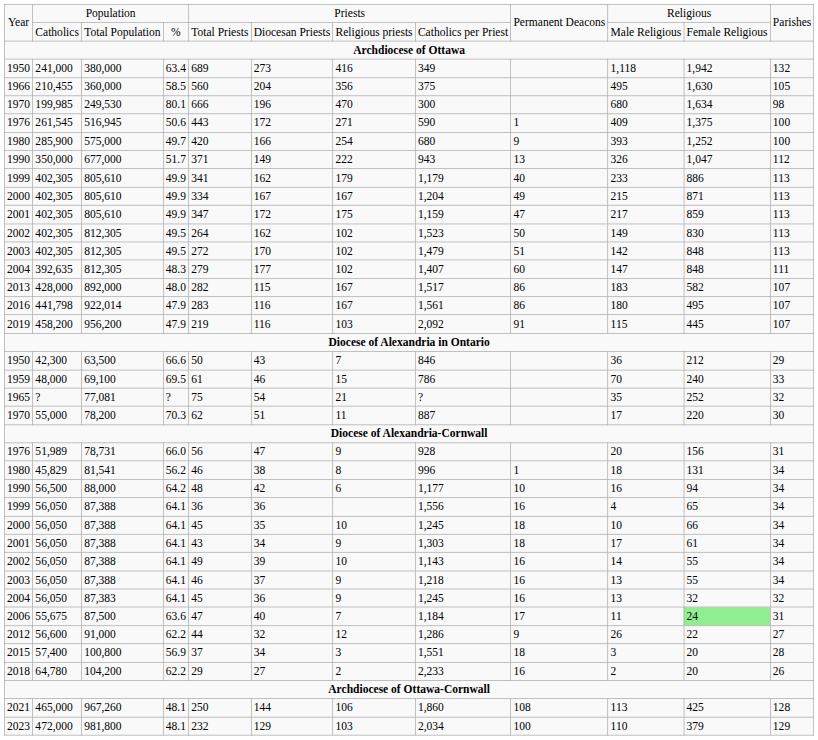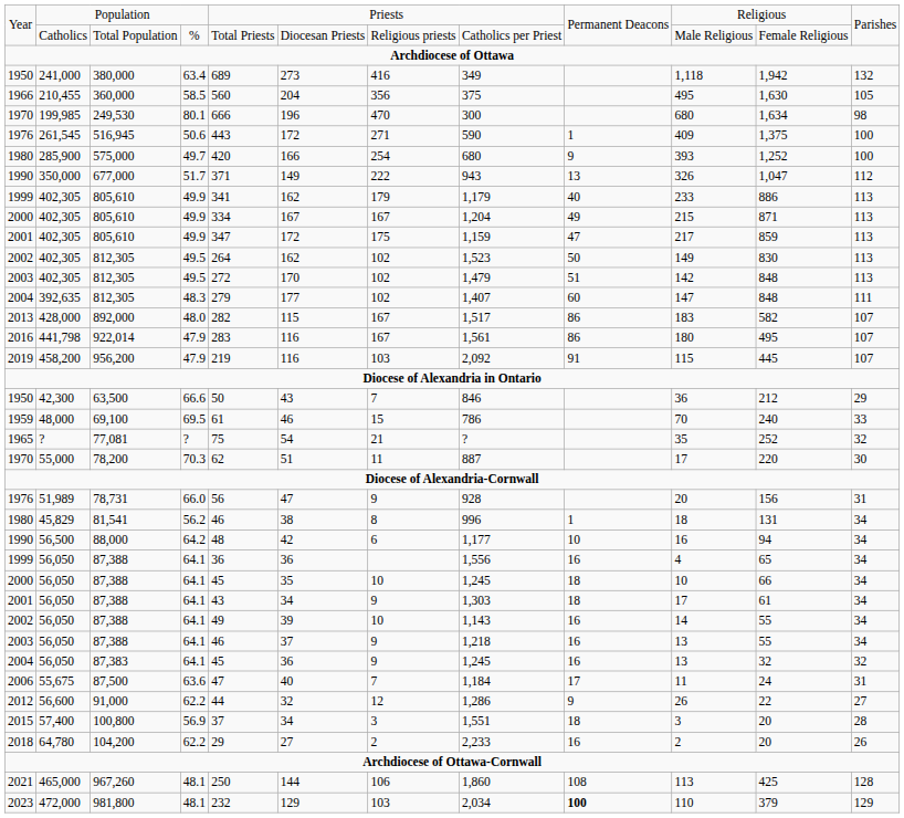 <table class="wikitable">
 <tr>
 <td rowspan=2 align="center">Year</td>
 <td colspan=3 align="center">Population</td>
 <td colspan=4 align="center">Priests</td>
 <td rowspan=2 align="center">Permanent Deacons</td>
 <td colspan=2 align="center">Religious</td>
 <td rowspan=2 align="center">Parishes</td>
 </tr>
 <tr>
 <td align="center">Catholics</td>
 <td align="center">Total Population</td>
 <td align="center">%</td>
 <td align="center">Total Priests</td>
 <td align="center">Diocesan Priests</td>
 <td align="center">Religious priests</td>
 <td align="center">Catholics per Priest</td>
 <td align="center">Male Religious</td>
 <td align="center">Female Religious</td>
 </tr>
 <tr>
 <td colspan=12 align="center"><strong>Archdiocese of Ottawa</strong></td>
 </tr>
 <tr>
 <td>1950</td>
 <td>241,000</td>
 <td>380,000</td>
 <td>63.4</td>
 <td>689</td>
 <td>273</td>
 <td>416</td>
 <td>349</td>
 <td></td>
 <td>1,118</td>
 <td>1,942</td>
 <td>132</td>
 </tr>
 <tr>
 <td>1966</td>
 <td>210,455</td>
 <td>360,000</td>
 <td>58.5</td>
 <td>560</td>
 <td>204</td>
 <td>356</td>
 <td>375</td>
 <td></td>
 <td>495</td>
 <td>1,630</td>
 <td>105</td>
 </tr>
 <tr>
 <td>1970</td>
 <td>199,985</td>
 <td>249,530</td>
 <td>80.1</td>
 <td>666</td>
 <td>196</td>
 <td>470</td>
 <td>300</td>
 <td></td>
 <td>680</td>
 <td>1,634</td>
 <td>98</td>
 </tr>
 <tr>
 <td>1976</td>
 <td>261,545</td>
 <td>516,945</td>
 <td>50.6</td>
 <td>443</td>
 <td>172</td>
 <td>271</td>
 <td>590</td>
 <td>1</td>
 <td>409</td>
 <td>1,375</td>
 <td>100</td>
 </tr>
 <tr>
 <td>1980</td>
 <td>285,900</td>
 <td>575,000</td>
 <td>49.7</td>
 <td>420</td>
 <td>166</td>
 <td>254</td>
 <td>680</td>
 <td>9</td>
 <td>393</td>
 <td>1,252</td>
 <td>100</td>
 </tr>
 <tr>
 <td>1990</td>
 <td>350,000</td>
 <td>677,000</td>
 <td>51.7</td>
 <td>371</td>
 <td>149</td>
 <td>222</td>
 <td>943</td>
 <td>13</td>
 <td>326</td>
 <td>1,047</td>
 <td>112</td>
 </tr>
 <tr>
 <td>1999</td>
 <td>402,305</td>
 <td>805,610</td>
 <td>49.9</td>
 <td>341</td>
 <td>162</td>
 <td>179</td>
 <td>1,179</td>
 <td>40</td>
 <td>233</td>
 <td>886</td>
 <td>113</td>
 </tr>
 <tr>
 <td>2000</td>
 <td>402,305</td>
 <td>805,610</td>
 <td>49.9</td>
 <td>334</td>
 <td>167</td>
 <td>167</td>
 <td>1,204</td>
 <td>49</td>
 <td>215</td>
 <td>871</td>
 <td>113</td>
 </tr>
 <tr>
 <td>2001</td>
 <td>402,305</td>
 <td>805,610</td>
 <td>49.9</td>
 <td>347</td>
 <td>172</td>
 <td>175</td>
 <td>1,159</td>
 <td>47</td>
 <td>217</td>
 <td>859</td>
 <td>113</td>
 </tr>
 <tr>
 <td>2002</td>
 <td>402,305</td>
 <td>812,305</td>
 <td>49.5</td>
 <td>264</td>
 <td>162</td>
 <td>102</td>
 <td>1,523</td>
 <td>50</td>
 <td>149</td>
 <td>830</td>
 <td>113</td>
 </tr>
 <tr>
 <td>2003</td>
 <td>402,305</td>
 <td>812,305</td>
 <td>49.5</td>
 <td>272</td>
 <td>170</td>
 <td>102</td>
 <td>1,479</td>
 <td>51</td>
 <td>142</td>
 <td>848</td>
 <td>113</td>
 </tr>
 <tr>
 <td>2004</td>
 <td>392,635</td>
 <td>812,305</td>
 <td>48.3</td>
 <td>279</td>
 <td>177</td>
 <td>102</td>
 <td>1,407</td>
 <td>60</td>
 <td>147</td>
 <td>848</td>
 <td>111</td>
 </tr>
 <tr>
 <td>2013</td>
 <td>428,000</td>
 <td>892,000</td>
 <td>48.0</td>
 <td>282</td>
 <td>115</td>
 <td>167</td>
 <td>1,517</td>
 <td>86</td>
 <td>183</td>
 <td>582</td>
 <td>107</td>
 </tr>
 <tr>
 <td>2016</td>
 <td>441,798</td>
 <td>922,014</td>
 <td>47.9</td>
 <td>283</td>
 <td>116</td>
 <td>167</td>
 <td>1,561</td>
 <td>86</td>
 <td>180</td>
 <td>495</td>
 <td>107</td>
 </tr>
 <tr>
 <td>2019</td>
 <td>458,200</td>
 <td>956,200</td>
 <td>47.9</td>
 <td>219</td>
 <td>116</td>
 <td>103</td>
 <td>2,092</td>
 <td>91</td>
 <td>115</td>
 <td>445</td>
 <td>107</td>
 </tr>
 <tr>
 <td colspan=12 align="center"><strong>Diocese of Alexandria in Ontario</strong></td>
 </tr>
 <tr>
 <td>1950</td>
 <td>42,300</td>
 <td>63,500</td>
 <td>66.6</td>
 <td>50</td>
 <td>43</td>
 <td>7</td>
 <td>846</td>
 <td></td>
 <td>36</td>
 <td>212</td>
 <td>29</td>
 </tr>
 <tr>
 <td>1959</td>
 <td>48,000</td>
 <td>69,100</td>
 <td>69.5</td>
 <td>61</td>
 <td>46</td>
 <td>15</td>
 <td>786</td>
 <td></td>
 <td>70</td>
 <td>240</td>
 <td>33</td>
 </tr>
 <tr>
 <td>1965</td>
 <td>?</td>
 <td>77,081</td>
 <td>?</td>
 <td>75</td>
 <td>54</td>
 <td>21</td>
 <td>?</td>
 <td></td>
 <td>35</td>
 <td>252</td>
 <td>32</td>
 </tr>
 <tr>
 <td>1970</td>
 <td>55,000</td>
 <td>78,200</td>
 <td>70.3</td>
 <td>62</td>
 <td>51</td>
 <td>11</td>
 <td>887</td>
 <td></td>
 <td>17</td>
 <td>220</td>
 <td>30</td>
 </tr>
 <tr>
 <td colspan=12 align="center"><strong>Diocese of Alexandria-Cornwall</strong></td>
 </tr>
 <tr>
 <td>1976</td>
 <td>51,989</td>
 <td>78,731</td>
 <td>66.0</td>
 <td>56</td>
 <td>47</td>
 <td>9</td>
 <td>928</td>
 <td></td>
 <td>20</td>
 <td>156</td>
 <td>31</td>
 </tr>
 <tr>
 <td>1980</td>
 <td>45,829</td>
 <td>81,541</td>
 <td>56.2</td>
 <td>46</td>
 <td>38</td>
 <td>8</td>
 <td>996</td>
 <td>1</td>
 <td>18</td>
 <td>131</td>
 <td>34</td>
 </tr>
 <tr>
 <td>1990</td>
 <td>56,500</td>
 <td>88,000</td>
 <td>64.2</td>
 <td>48</td>
 <td>42</td>
 <td>6</td>
 <td>1,177</td>
 <td>10</td>
 <td>16</td>
 <td>94</td>
 <td>34</td>
 </tr>
 <tr>
 <td>1999</td>
 <td>56,050</td>
 <td>87,388</td>
 <td>64.1</td>
 <td>36</td>
 <td>36</td>
 <td></td>
 <td>1,556</td>
 <td>16</td>
 <td>4</td>
 <td>65</td>
 <td>34</td>
 </tr>
 <tr>
 <td>2000</td>
 <td>56,050</td>
 <td>87,388</td>
 <td>64.1</td>
 <td>45</td>
 <td>35</td>
 <td>10</td>
 <td>1,245</td>
 <td>18</td>
 <td>10</td>
 <td>66</td>
 <td>34</td>
 </tr>
 <tr>
 <td>2001</td>
 <td>56,050</td>
 <td>87,388</td>
 <td>64.1</td>
 <td>43</td>
 <td>34</td>
 <td>9</td>
 <td>1,303</td>
 <td>18</td>
 <td>17</td>
 <td>61</td>
 <td>34</td>
 </tr>
 <tr>
 <td>2002</td>
 <td>56,050</td>
 <td>87,388</td>
 <td>64.1</td>
 <td>49</td>
 <td>39</td>
 <td>10</td>
 <td>1,143</td>
 <td>16</td>
 <td>14</td>
 <td>55</td>
 <td>34</td>
 </tr>
 <tr>
 <td>2003</td>
 <td>56,050</td>
 <td>87,388</td>
 <td>64.1</td>
 <td>46</td>
 <td>37</td>
 <td>9</td>
 <td>1,218</td>
 <td>16</td>
 <td>13</td>
 <td>55</td>
 <td>34</td>
 </tr>
 <tr>
 <td>2004</td>
 <td>56,050</td>
 <td>87,383</td>
 <td>64.1</td>
 <td>45</td>
 <td>36</td>
 <td>9</td>
 <td>1,245</td>
 <td>16</td>
 <td>13</td>
 <td>32</td>
 <td>32</td>
 </tr>
 <tr>
 <td>2006</td>
 <td>55,675</td>
 <td>87,500</td>
 <td>63.6</td>
 <td>47</td>
 <td>40</td>
 <td>7</td>
 <td>1,184</td>
 <td>17</td>
 <td>11</td>
-<td style="background: lightgreen;">24</td>
+<td>24</td>
 <td>31</td>
 </tr>
 <tr>
 <td>2012</td>
 <td>56,600</td>
 <td>91,000</td>
 <td>62.2</td>
 <td>44</td>
 <td>32</td>
 <td>12</td>
 <td>1,286</td>
 <td>9</td>
 <td>26</td>
 <td>22</td>
 <td>27</td>
 </tr>
 <tr>
 <td>2015</td>
 <td>57,400</td>
 <td>100,800</td>
 <td>56.9</td>
 <td>37</td>
 <td>34</td>
 <td>3</td>
 <td>1,551</td>
 <td>18</td>
 <td>3</td>
 <td>20</td>
 <td>28</td>
 </tr>
 <tr>
 <td>2018</td>
 <td>64,780</td>
 <td>104,200</td>
 <td>62.2</td>
 <td>29</td>
 <td>27</td>
 <td>2</td>
 <td>2,233</td>
 <td>16</td>
 <td>2</td>
 <td>20</td>
 <td>26</td>
 </tr>
 <tr>
 <td colspan=12 align="center"><strong>Archdiocese of Ottawa-Cornwall</strong></td>
 </tr>
 <tr>
 <td>2021</td>
 <td>465,000</td>
 <td>967,260</td>
 <td>48.1</td>
 <td>250</td>
 <td>144</td>
 <td>106</td>
 <td>1,860</td>
 <td>108</td>
 <td>113</td>
 <td>425</td>
 <td>128</td>
 </tr>
 <tr>
 <td>2023</td>
 <td>472,000</td>
 <td>981,800</td>
 <td>48.1</td>
 <td>232</td>
 <td>129</td>
 <td>103</td>
 <td>2,034</td>
-<td>100</td>
+<td><strong>100</strong></td>
 <td>110</td>
 <td>379</td>
 <td>129</td>
 </tr>
 </table>
